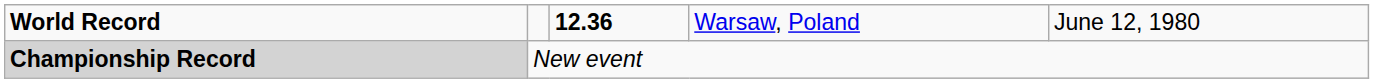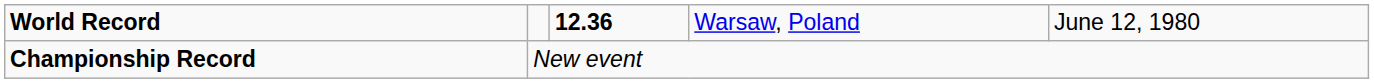 <table class="wikitable" width=75%>
 <tr>
 <td><strong>World Record</strong></td>
 <td></td>
 <td><strong>12.36</strong></td>
 <td><a href='#'>Warsaw</a>, <a href='#'>Poland</a></td>
 <td>June 12, 1980</td>
 </tr>
 <tr>
-<td style="background: lightgrey;"><strong>Championship Record</strong></td>
+<td><strong>Championship Record</strong></td>
 <td colspan="4"><em>New event</em></td>
 </tr>
 </table>
